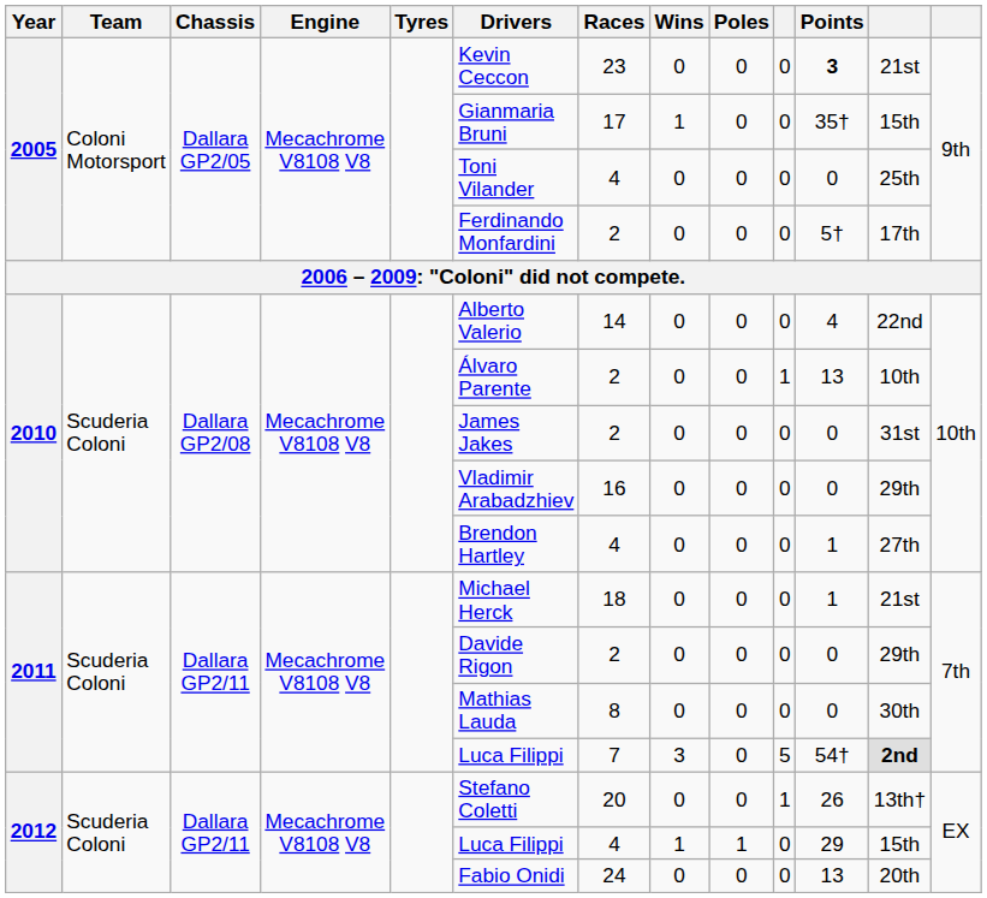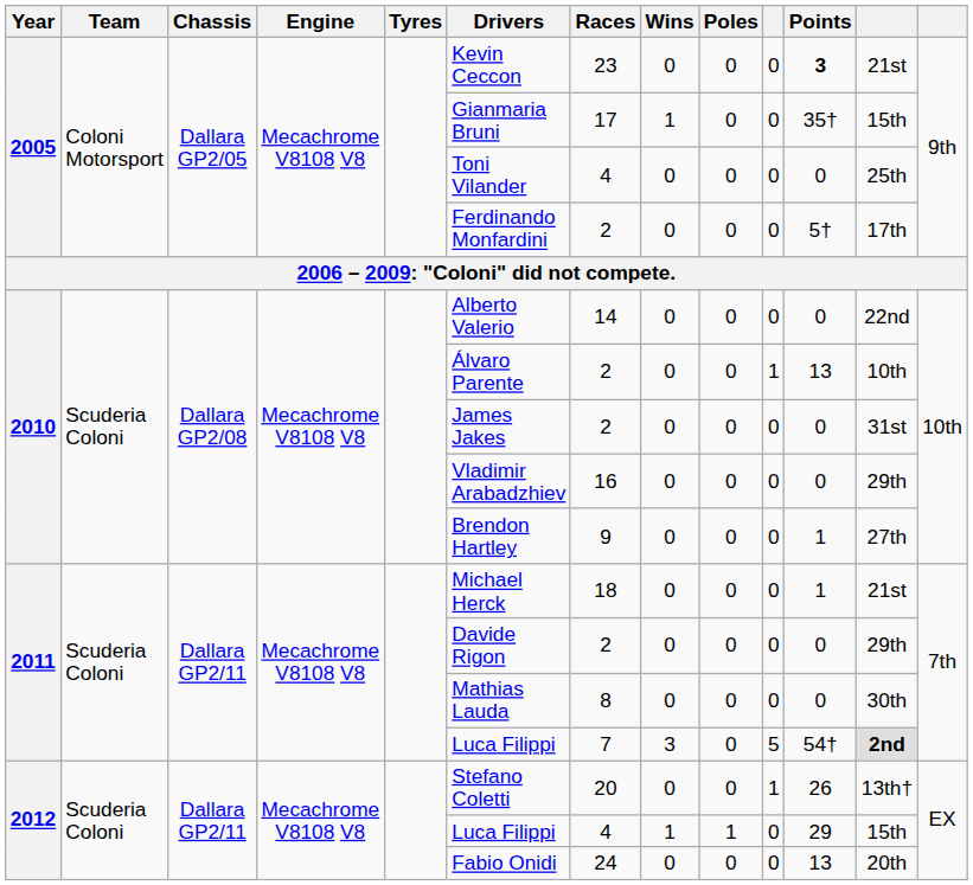 <table class="wikitable" style="text-align:center; font-size:85%">
 <tr>
 <th>Year</th>
 <th>Team</th>
 <th>Chassis</th>
 <th>Engine</th>
 <th>Tyres</th>
 <th>Drivers</th>
 <th>Races</th>
 <th>Wins</th>
 <th>Poles</th>
 <th></th>
 <th>Points</th>
 <th></th>
 <th></th>
 </tr>
 <tr>
 <th rowspan="4"><a href='#'>2005</a></th>
 <td rowspan="4" align="left"> Coloni Motorsport</td>
 <td rowspan=4><a href='#'>Dallara</a><br><a href='#'>GP2/05</a></td>
 <td rowspan=4><a href='#'>Mecachrome</a><br><a href='#'>V8108</a> <a href='#'>V8</a></td>
 <td rowspan=4></td>
 <td align="left"> <a href='#'>Kevin Ceccon</a></td>
 <td>23</td>
 <td>0</td>
 <td>0</td>
 <td>0</td>
 <td><strong>3</strong></td>
 <td>21st</td>
 <td rowspan="4">9th</td>
 </tr>
 <tr>
 <td align="left"> <a href='#'>Gianmaria Bruni</a></td>
 <td>17</td>
 <td>1</td>
 <td>0</td>
 <td>0</td>
 <td>35†</td>
 <td>15th</td>
 </tr>
 <tr>
 <td align="left"> <a href='#'>Toni Vilander</a></td>
 <td>4</td>
 <td>0</td>
 <td>0</td>
 <td>0</td>
 <td>0</td>
 <td>25th</td>
 </tr>
 <tr>
 <td align="left"> <a href='#'>Ferdinando Monfardini</a></td>
 <td>2</td>
 <td>0</td>
 <td>0</td>
 <td>0</td>
 <td>5†</td>
 <td>17th</td>
 </tr>
 <tr>
 <th colspan=13><a href='#'>2006</a> – <a href='#'>2009</a>: "Coloni" did not compete.</th>
 </tr>
 <tr>
 <th rowspan="5"><a href='#'>2010</a></th>
 <td rowspan="5" align="left"> Scuderia Coloni</td>
 <td rowspan=5><a href='#'>Dallara</a><br><a href='#'>GP2/08</a></td>
 <td rowspan=5><a href='#'>Mecachrome</a><br><a href='#'>V8108</a> <a href='#'>V8</a></td>
 <td rowspan=5></td>
 <td align="left"> <a href='#'>Alberto Valerio</a></td>
 <td>14</td>
 <td>0</td>
 <td>0</td>
 <td>0</td>
-<td>4</td>
+<td>0</td>
 <td>22nd</td>
 <td rowspan="5">10th</td>
 </tr>
 <tr>
 <td align="left"> <a href='#'>Álvaro Parente</a></td>
 <td>2</td>
 <td>0</td>
 <td>0</td>
 <td>1</td>
 <td>13</td>
 <td>10th</td>
 </tr>
 <tr>
 <td align="left"> <a href='#'>James Jakes</a></td>
 <td>2</td>
 <td>0</td>
 <td>0</td>
 <td>0</td>
 <td>0</td>
 <td>31st</td>
 </tr>
 <tr>
 <td align="left"> <a href='#'>Vladimir Arabadzhiev</a></td>
 <td>16</td>
 <td>0</td>
 <td>0</td>
 <td>0</td>
 <td>0</td>
 <td>29th</td>
 </tr>
 <tr>
 <td align="left"> <a href='#'>Brendon Hartley</a></td>
-<td>4</td>
+<td>9</td>
 <td>0</td>
 <td>0</td>
 <td>0</td>
 <td>1</td>
 <td>27th</td>
 </tr>
 <tr>
 <th rowspan="4"><a href='#'>2011</a></th>
 <td rowspan="4" align="left"> Scuderia Coloni</td>
 <td rowspan=4><a href='#'>Dallara</a><br><a href='#'>GP2/11</a></td>
 <td rowspan=4><a href='#'>Mecachrome</a><br><a href='#'>V8108</a> <a href='#'>V8</a></td>
 <td rowspan=4></td>
 <td align="left"> <a href='#'>Michael Herck</a></td>
 <td>18</td>
 <td>0</td>
 <td>0</td>
 <td>0</td>
 <td>1</td>
 <td>21st</td>
 <td rowspan="4">7th</td>
 </tr>
 <tr>
 <td align="left"> <a href='#'>Davide Rigon</a></td>
 <td>2</td>
 <td>0</td>
 <td>0</td>
 <td>0</td>
 <td>0</td>
 <td>29th</td>
 </tr>
 <tr>
 <td align="left"> <a href='#'>Mathias Lauda</a></td>
 <td>8</td>
 <td>0</td>
 <td>0</td>
 <td>0</td>
 <td>0</td>
 <td>30th</td>
 </tr>
 <tr>
 <td align="left"> <a href='#'>Luca Filippi</a></td>
 <td>7</td>
 <td>3</td>
 <td>0</td>
 <td>5</td>
 <td>54†</td>
 <td style="background:#DFDFDF;"><strong>2nd</strong></td>
 </tr>
 <tr>
 <th rowspan="3"><a href='#'>2012</a></th>
 <td rowspan="3" align="left"> Scuderia Coloni</td>
 <td rowspan=3><a href='#'>Dallara</a><br><a href='#'>GP2/11</a></td>
 <td rowspan=3><a href='#'>Mecachrome</a><br><a href='#'>V8108</a> <a href='#'>V8</a></td>
 <td rowspan=3></td>
 <td align="left"> <a href='#'>Stefano Coletti</a></td>
 <td>20</td>
 <td>0</td>
 <td>0</td>
 <td>1</td>
 <td>26</td>
 <td>13th†</td>
 <td rowspan="3">EX</td>
 </tr>
 <tr>
 <td align="left"> <a href='#'>Luca Filippi</a></td>
 <td>4</td>
 <td>1</td>
 <td>1</td>
 <td>0</td>
 <td>29</td>
 <td>15th</td>
 </tr>
 <tr>
 <td align="left"> <a href='#'>Fabio Onidi</a></td>
 <td>24</td>
 <td>0</td>
 <td>0</td>
 <td>0</td>
 <td>13</td>
 <td>20th</td>
 </tr>
 </table>
